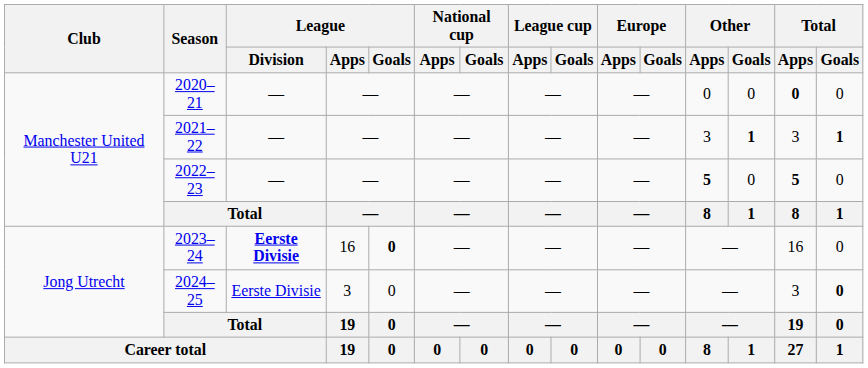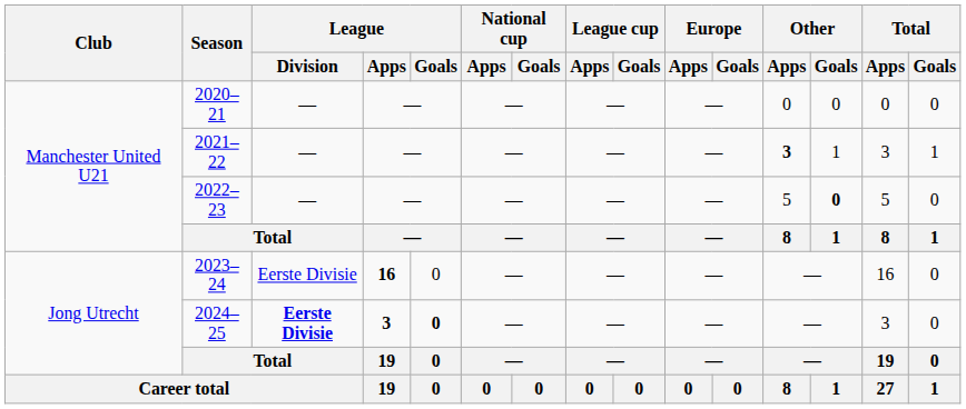 <table class=wikitable style=text-align:center>
 <tr>
 <th rowspan=2>Club</th>
 <th rowspan=2>Season</th>
 <th colspan=3>League</th>
 <th colspan=2>National cup</th>
 <th colspan=2>League cup</th>
 <th colspan=2>Europe</th>
 <th colspan=2>Other</th>
 <th colspan=2>Total</th>
 </tr>
 <tr>
 <th>Division</th>
 <th>Apps</th>
 <th>Goals</th>
 <th>Apps</th>
 <th>Goals</th>
 <th>Apps</th>
 <th>Goals</th>
 <th>Apps</th>
 <th>Goals</th>
 <th>Apps</th>
 <th>Goals</th>
 <th>Apps</th>
 <th>Goals</th>
 </tr>
 <tr>
 <td rowspan=4><a href='#'>Manchester United U21</a></td>
 <td><a href='#'>2020–21</a></td>
 <td>—</td>
 <td colspan=2>—</td>
 <td colspan=2>—</td>
 <td colspan=2>—</td>
 <td colspan=2>—</td>
 <td>0</td>
 <td>0</td>
-<td><strong>0</strong></td>
+<td>0</td>
 <td>0</td>
 </tr>
 <tr>
 <td><a href='#'>2021–22</a></td>
 <td>—</td>
 <td colspan=2>—</td>
 <td colspan=2>—</td>
 <td colspan=2>—</td>
 <td colspan=2>—</td>
+<td><strong>3</strong></td>
+<td>1</td>
 <td>3</td>
-<td><strong>1</strong></td>
-<td>3</td>
-<td><strong>1</strong></td>
+<td>1</td>
 </tr>
 <tr>
 <td><a href='#'>2022–23</a></td>
 <td>—</td>
 <td colspan=2>—</td>
 <td colspan=2>—</td>
 <td colspan=2>—</td>
 <td colspan=2>—</td>
-<td><strong>5</strong></td>
-<td>0</td>
-<td><strong>5</strong></td>
+<td>5</td>
+<td><strong>0</strong></td>
+<td>5</td>
 <td>0</td>
 </tr>
 <tr>
 <th colspan=2>Total</th>
 <th colspan=2>—</th>
 <th colspan=2>—</th>
 <th colspan=2>—</th>
 <th colspan=2>—</th>
 <th>8</th>
 <th>1</th>
 <th>8</th>
 <th>1</th>
 </tr>
 <tr>
 <td rowspan=3><a href='#'>Jong Utrecht</a></td>
 <td><a href='#'>2023–24</a></td>
-<td><strong><a href='#'>Eerste Divisie</a></strong></td>
-<td>16</td>
-<td><strong>0</strong></td>
+<td><a href='#'>Eerste Divisie</a></td>
+<td><strong>16</strong></td>
+<td>0</td>
 <td colspan=2>—</td>
 <td colspan=2>—</td>
 <td colspan=2>—</td>
 <td colspan=2>—</td>
 <td>16</td>
 <td>0</td>
 </tr>
 <tr>
 <td><a href='#'>2024–25</a></td>
-<td><a href='#'>Eerste Divisie</a></td>
-<td>3</td>
-<td>0</td>
+<td><strong><a href='#'>Eerste Divisie</a></strong></td>
+<td><strong>3</strong></td>
+<td><strong>0</strong></td>
 <td colspan=2>—</td>
 <td colspan=2>—</td>
 <td colspan=2>—</td>
 <td colspan=2>—</td>
 <td>3</td>
-<td><strong>0</strong></td>
+<td>0</td>
 </tr>
 <tr>
 <th colspan=2>Total</th>
 <th>19</th>
 <th>0</th>
 <th colspan=2>—</th>
 <th colspan=2>—</th>
 <th colspan=2>—</th>
 <th colspan=2>—</th>
 <th>19</th>
 <th>0</th>
 </tr>
 <tr>
 <th colspan=3>Career total</th>
 <th>19</th>
 <th>0</th>
 <th>0</th>
 <th>0</th>
 <th>0</th>
 <th>0</th>
 <th>0</th>
 <th>0</th>
 <th>8</th>
 <th>1</th>
 <th>27</th>
 <th>1</th>
 </tr>
 </table>
